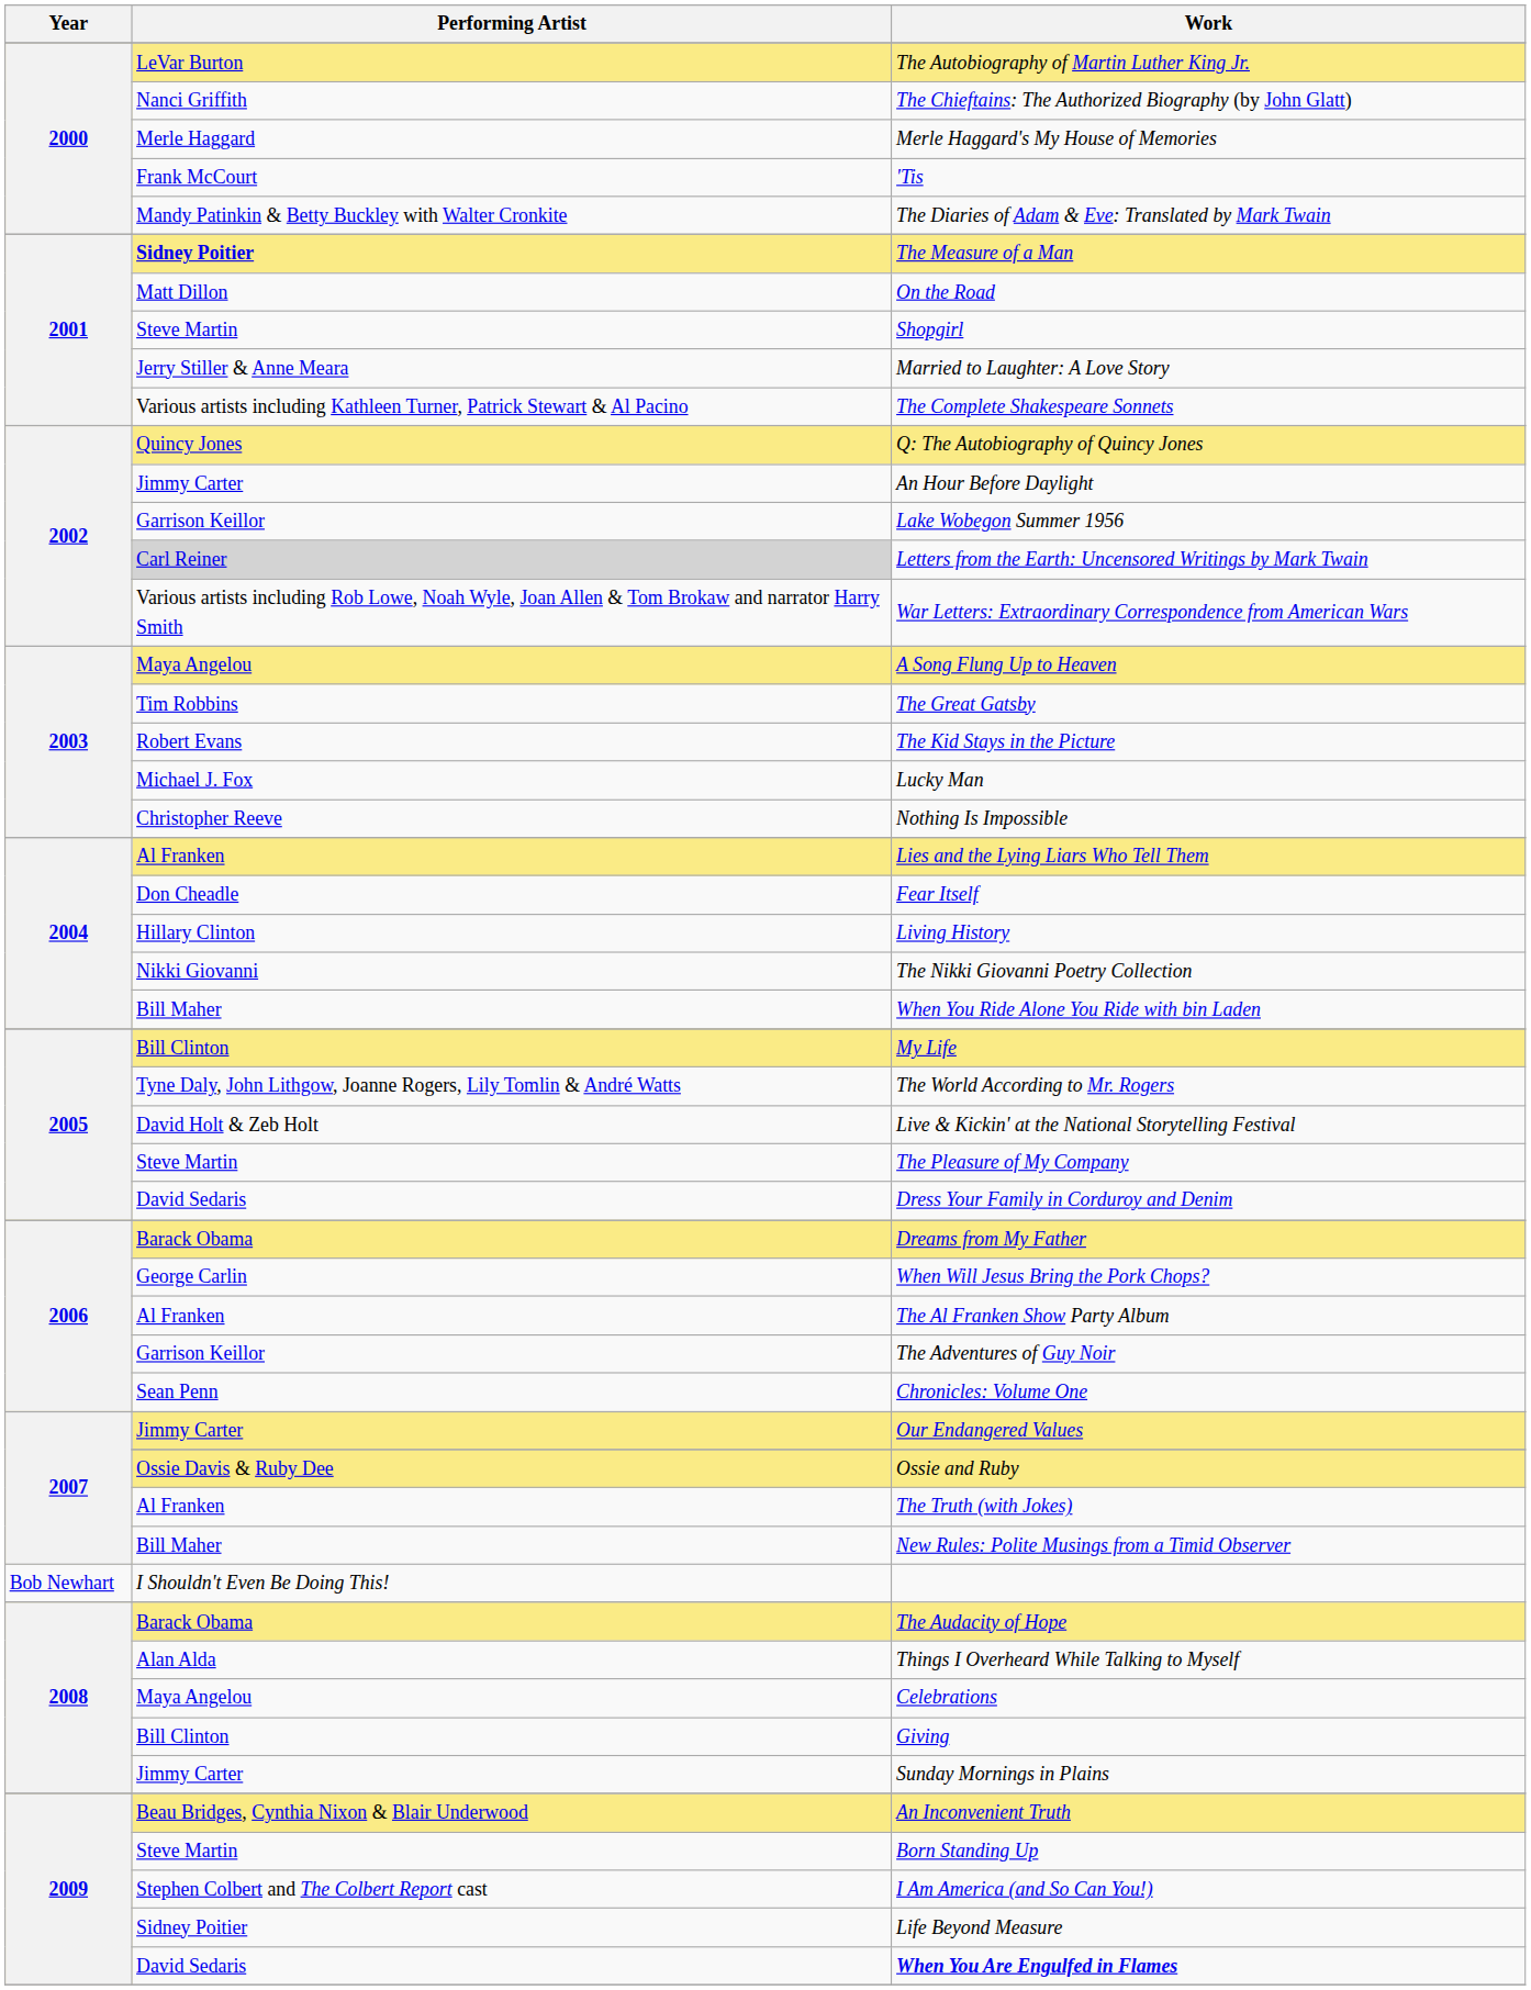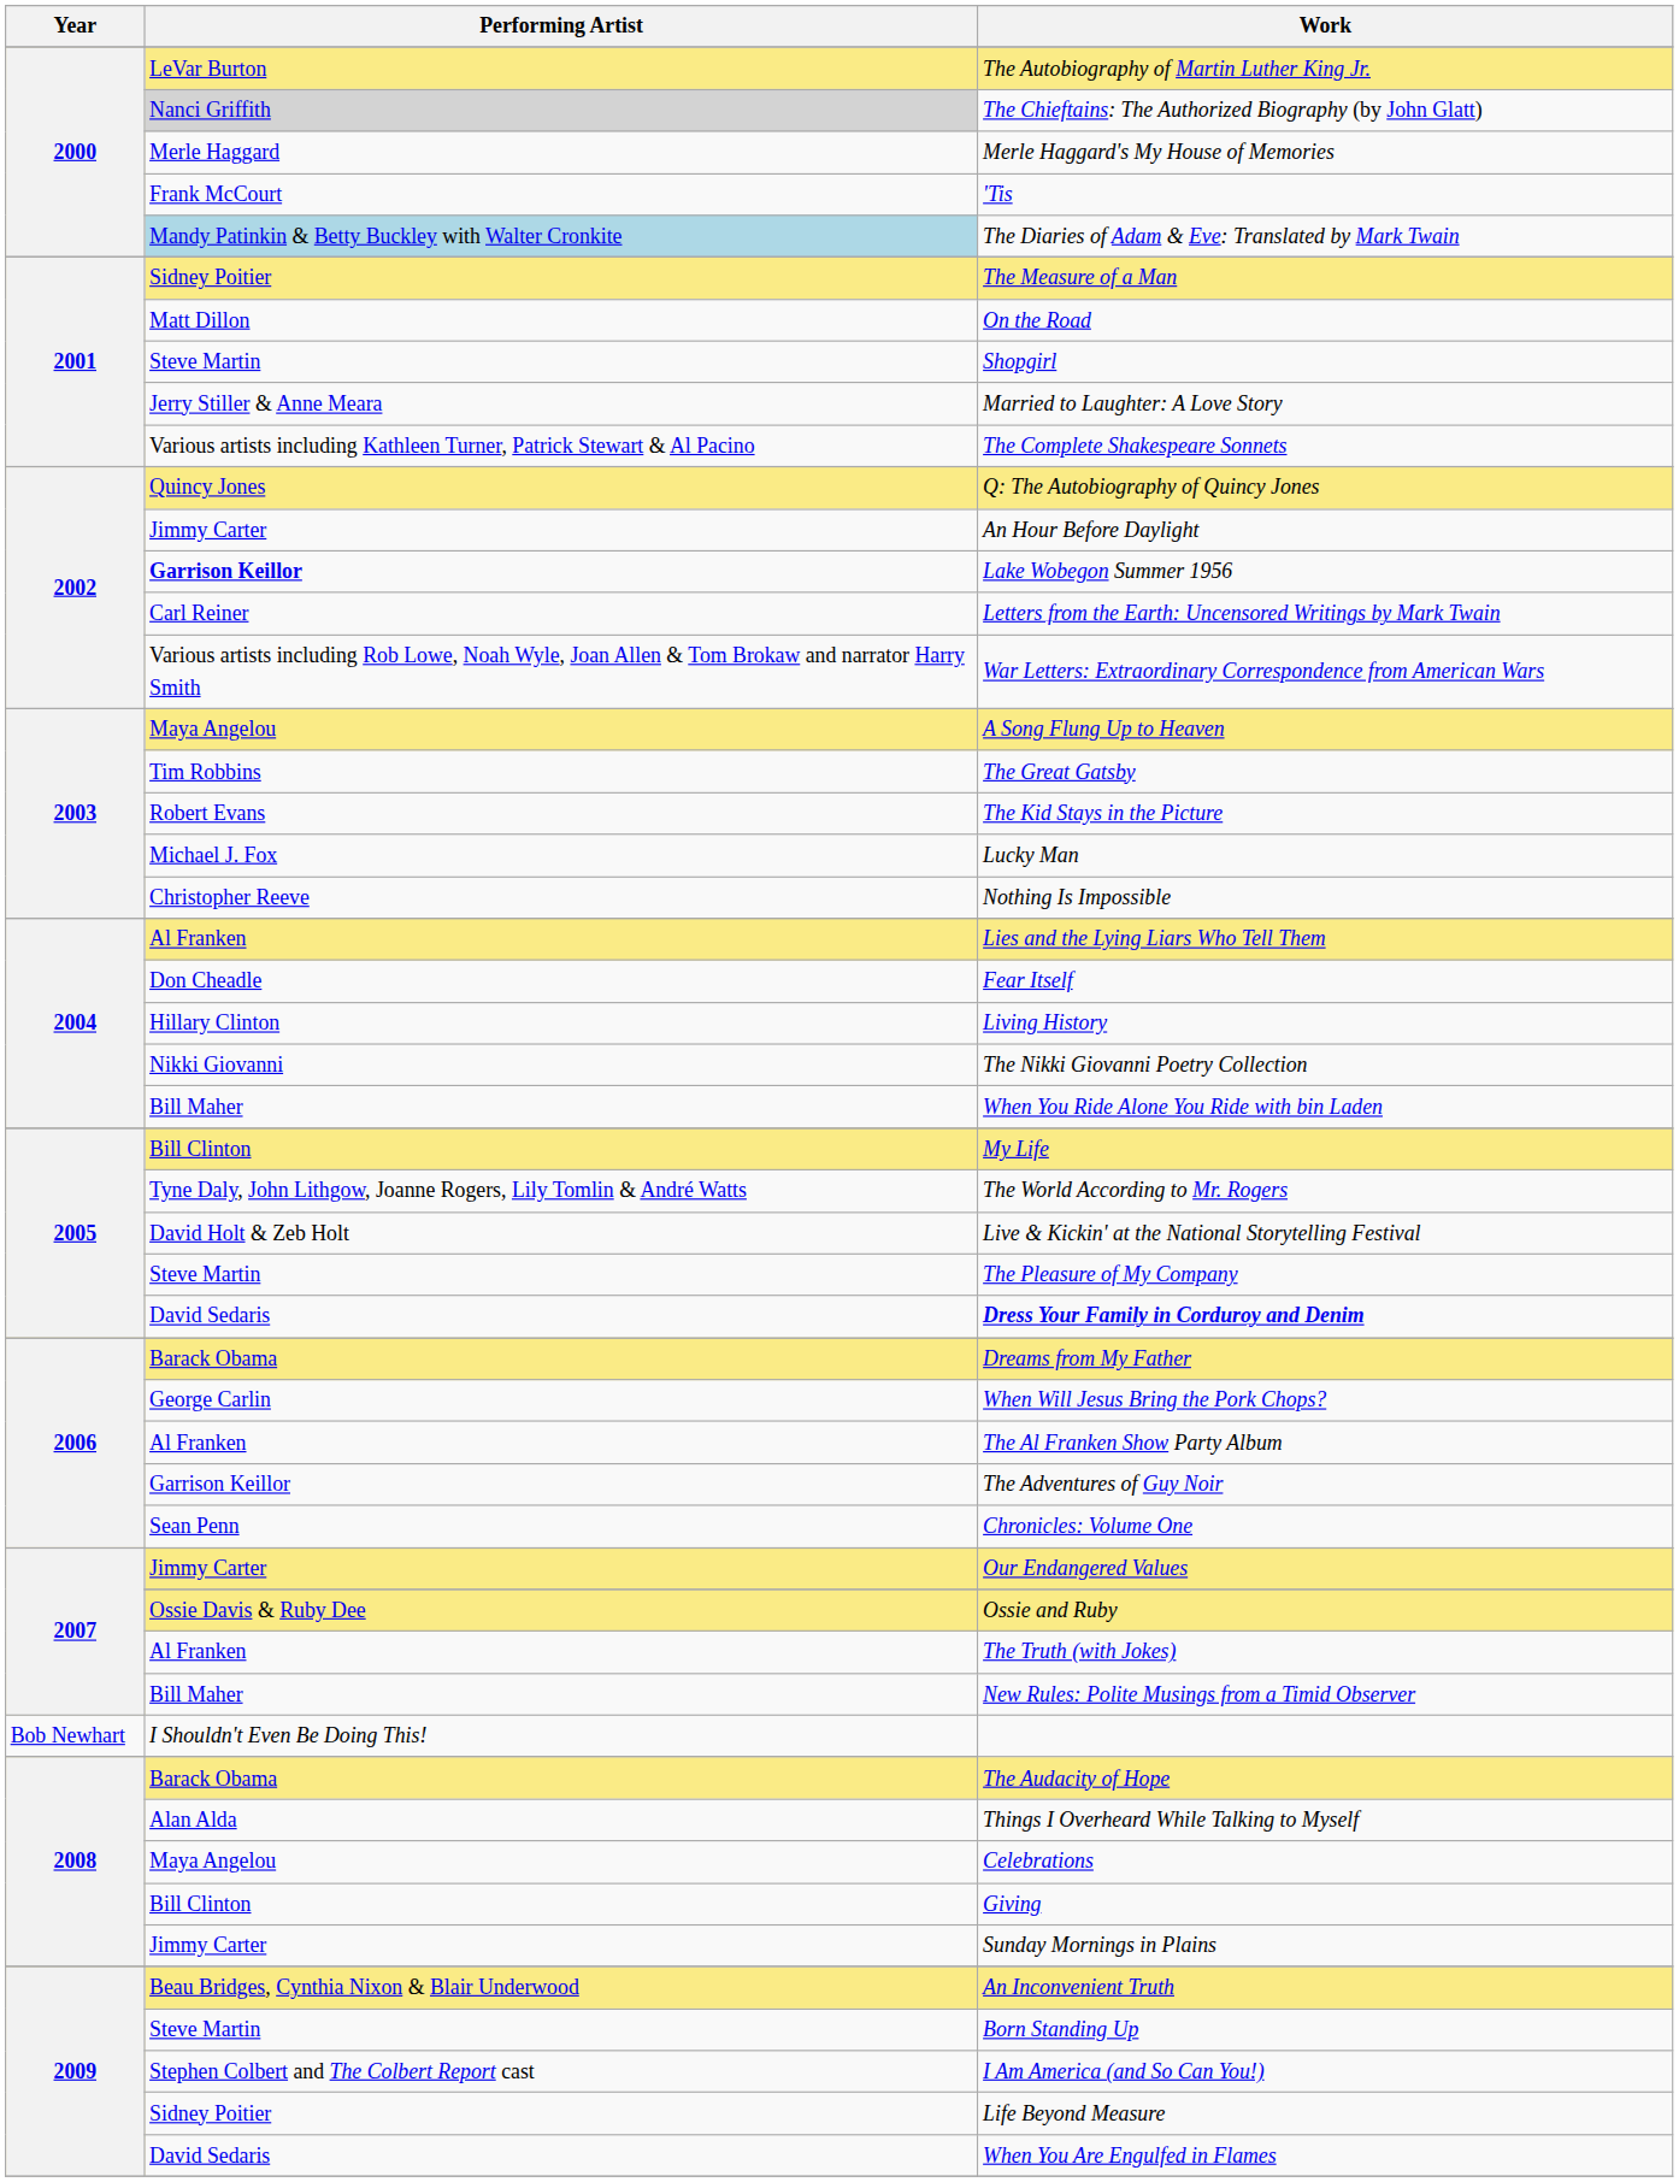 <table class="wikitable" style="font-size:1.00em; line-height:1.5em;">
 <tr bgcolor="#bebebe">
 </tr>
 <tr bgcolor="#bebebe">
 <th width="5%">Year</th>
 <th width="30%">Performing Artist</th>
 <th width="25%">Work</th>
 </tr>
 <tr>
 </tr>
 <tr style="background:#FAEB86;">
 <th rowspan=5, style="text-align:center;"><a href='#'>2000</a> <br></th>
 <td><a href='#'>LeVar Burton</a></td>
 <td><em>The Autobiography of <a href='#'>Martin Luther King Jr.</a></em></td>
 </tr>
 <tr>
-<td><a href='#'>Nanci Griffith</a></td>
+<td style="background: lightgrey;"><a href='#'>Nanci Griffith</a></td>
 <td><em><a href='#'>The Chieftains</a>: The Authorized Biography</em> (by <a href='#'>John Glatt</a>)</td>
 </tr>
 <tr>
 <td><a href='#'>Merle Haggard</a></td>
 <td><em>Merle Haggard's My House of Memories</em></td>
 </tr>
 <tr>
 <td><a href='#'>Frank McCourt</a></td>
 <td><em><a href='#'>'Tis</a></em></td>
 </tr>
 <tr>
-<td><a href='#'>Mandy Patinkin</a> & <a href='#'>Betty Buckley</a> with <a href='#'>Walter Cronkite</a></td>
+<td style="background: lightblue;"><a href='#'>Mandy Patinkin</a> & <a href='#'>Betty Buckley</a> with <a href='#'>Walter Cronkite</a></td>
 <td><em>The Diaries of <a href='#'>Adam</a> & <a href='#'>Eve</a>: Translated by <a href='#'>Mark Twain</a></em></td>
 </tr>
 <tr>
 </tr>
 <tr style="background:#FAEB86;">
 <th rowspan=5, style="text-align:center;"><a href='#'>2001</a> <br></th>
-<td><strong><a href='#'>Sidney Poitier</a></strong></td>
+<td><a href='#'>Sidney Poitier</a></td>
 <td><em><a href='#'>The Measure of a Man</a></em></td>
 </tr>
 <tr>
 <td><a href='#'>Matt Dillon</a></td>
 <td><em><a href='#'>On the Road</a></em></td>
 </tr>
 <tr>
 <td><a href='#'>Steve Martin</a></td>
 <td><em><a href='#'>Shopgirl</a></em></td>
 </tr>
 <tr>
 <td><a href='#'>Jerry Stiller</a> & <a href='#'>Anne Meara</a></td>
 <td><em>Married to Laughter: A Love Story</em></td>
 </tr>
 <tr>
 <td>Various artists including <a href='#'>Kathleen Turner</a>, <a href='#'>Patrick Stewart</a> & <a href='#'>Al Pacino</a></td>
 <td><em><a href='#'>The Complete Shakespeare Sonnets</a></em></td>
 </tr>
 <tr>
 </tr>
 <tr style="background:#FAEB86;">
 <th rowspan=5, style="text-align:center;"><a href='#'>2002</a> <br></th>
 <td><a href='#'>Quincy Jones</a></td>
 <td><em>Q: The Autobiography of Quincy Jones</em></td>
 </tr>
 <tr>
 <td><a href='#'>Jimmy Carter</a></td>
 <td><em>An Hour Before Daylight</em></td>
 </tr>
 <tr>
-<td><a href='#'>Garrison Keillor</a></td>
+<td><strong><a href='#'>Garrison Keillor</a></strong></td>
 <td><em><a href='#'>Lake Wobegon</a> Summer 1956</em></td>
 </tr>
 <tr>
-<td style="background: lightgrey;"><a href='#'>Carl Reiner</a></td>
+<td><a href='#'>Carl Reiner</a></td>
 <td><em><a href='#'>Letters from the Earth: Uncensored Writings by Mark Twain</a></em></td>
 </tr>
 <tr>
 <td>Various artists including <a href='#'>Rob Lowe</a>, <a href='#'>Noah Wyle</a>, <a href='#'>Joan Allen</a> & <a href='#'>Tom Brokaw</a> and narrator <a href='#'>Harry Smith</a></td>
 <td><em><a href='#'>War Letters: Extraordinary Correspondence from American Wars</a></em></td>
 </tr>
 <tr>
 </tr>
 <tr style="background:#FAEB86;">
 <th rowspan=5, style="text-align:center;"><a href='#'>2003</a> <br></th>
 <td><a href='#'>Maya Angelou</a></td>
 <td><em><a href='#'>A Song Flung Up to Heaven</a></em></td>
 </tr>
 <tr>
 <td><a href='#'>Tim Robbins</a></td>
 <td><em><a href='#'>The Great Gatsby</a></em></td>
 </tr>
 <tr>
 <td><a href='#'>Robert Evans</a></td>
 <td><em><a href='#'>The Kid Stays in the Picture</a></em></td>
 </tr>
 <tr>
 <td><a href='#'>Michael J. Fox</a></td>
 <td><em>Lucky Man</em></td>
 </tr>
 <tr>
 <td><a href='#'>Christopher Reeve</a></td>
 <td><em>Nothing Is Impossible</em></td>
 </tr>
 <tr>
 </tr>
 <tr style="background:#FAEB86;">
 <th rowspan=5, style="text-align:center;"><a href='#'>2004</a> <br></th>
 <td><a href='#'>Al Franken</a></td>
 <td><em><a href='#'>Lies and the Lying Liars Who Tell Them</a></em></td>
 </tr>
 <tr>
 <td><a href='#'>Don Cheadle</a></td>
 <td><em><a href='#'>Fear Itself</a></em></td>
 </tr>
 <tr>
 <td><a href='#'>Hillary Clinton</a></td>
 <td><em><a href='#'>Living History</a></em></td>
 </tr>
 <tr>
 <td><a href='#'>Nikki Giovanni</a></td>
 <td><em>The Nikki Giovanni Poetry Collection</em></td>
 </tr>
 <tr>
 <td><a href='#'>Bill Maher</a></td>
 <td><em><a href='#'>When You Ride Alone You Ride with bin Laden</a></em></td>
 </tr>
 <tr>
 </tr>
 <tr style="background:#FAEB86;">
 <th rowspan=5, style="text-align:center;"><a href='#'>2005</a> <br></th>
 <td><a href='#'>Bill Clinton</a></td>
 <td><em><a href='#'>My Life</a></em></td>
 </tr>
 <tr>
 <td><a href='#'>Tyne Daly</a>, <a href='#'>John Lithgow</a>, Joanne Rogers, <a href='#'>Lily Tomlin</a> & <a href='#'>André Watts</a></td>
 <td><em>The World According to <a href='#'>Mr. Rogers</a></em></td>
 </tr>
 <tr>
 <td><a href='#'>David Holt</a> & Zeb Holt</td>
 <td><em>Live & Kickin' at the National Storytelling Festival</em></td>
 </tr>
 <tr>
 <td><a href='#'>Steve Martin</a></td>
 <td><em><a href='#'>The Pleasure of My Company</a></em></td>
 </tr>
 <tr>
 <td><a href='#'>David Sedaris</a></td>
-<td><em><a href='#'>Dress Your Family in Corduroy and Denim</a></em></td>
+<td><strong><em><a href='#'>Dress Your Family in Corduroy and Denim</a></em></strong></td>
 </tr>
 <tr>
 </tr>
 <tr style="background:#FAEB86;">
 <th rowspan=5, style="text-align:center;"><a href='#'>2006</a> <br></th>
 <td><a href='#'>Barack Obama</a></td>
 <td><em><a href='#'>Dreams from My Father</a></em></td>
 </tr>
 <tr>
 <td><a href='#'>George Carlin</a></td>
 <td><em><a href='#'>When Will Jesus Bring the Pork Chops?</a></em></td>
 </tr>
 <tr>
 <td><a href='#'>Al Franken</a></td>
 <td><em><a href='#'>The Al Franken Show</a> Party Album</em></td>
 </tr>
 <tr>
 <td><a href='#'>Garrison Keillor</a></td>
 <td><em>The Adventures of <a href='#'>Guy Noir</a></em></td>
 </tr>
 <tr>
 <td><a href='#'>Sean Penn</a></td>
 <td><em><a href='#'>Chronicles: Volume One</a></em></td>
 </tr>
 <tr>
 </tr>
 <tr style="background:#FAEB86;">
 <th rowspan="5", style="text-align:center;"><a href='#'>2007</a> <br></th>
 <td><a href='#'>Jimmy Carter</a></td>
 <td><em><a href='#'>Our Endangered Values</a></em></td>
 </tr>
 <tr>
 </tr>
 <tr style="background:#FAEB86;">
 <td><a href='#'>Ossie Davis</a> & <a href='#'>Ruby Dee</a></td>
 <td><em>Ossie and Ruby</em></td>
 </tr>
 <tr>
 <td><a href='#'>Al Franken</a></td>
 <td><em><a href='#'>The Truth (with Jokes)</a></em></td>
 </tr>
 <tr>
 <td><a href='#'>Bill Maher</a></td>
 <td><em><a href='#'>New Rules: Polite Musings from a Timid Observer</a></em></td>
 </tr>
 <tr>
 <td><a href='#'>Bob Newhart</a></td>
 <td><em>I Shouldn't Even Be Doing This!</em></td>
 </tr>
 <tr>
 </tr>
 <tr style="background:#FAEB86;">
 <th rowspan=5, style="text-align:center;"><a href='#'>2008</a> <br></th>
 <td><a href='#'>Barack Obama</a></td>
 <td><em><a href='#'>The Audacity of Hope</a></em></td>
 </tr>
 <tr>
 <td><a href='#'>Alan Alda</a></td>
 <td><em>Things I Overheard While Talking to Myself</em></td>
 </tr>
 <tr>
 <td><a href='#'>Maya Angelou</a></td>
 <td><em><a href='#'>Celebrations</a></em></td>
 </tr>
 <tr>
 <td><a href='#'>Bill Clinton</a></td>
 <td><em><a href='#'>Giving</a></em></td>
 </tr>
 <tr>
 <td><a href='#'>Jimmy Carter</a></td>
 <td><em>Sunday Mornings in Plains</em></td>
 </tr>
 <tr>
 </tr>
 <tr style="background:#FAEB86;">
 <th rowspan=5, style="text-align:center;"><a href='#'>2009</a> <br></th>
 <td><a href='#'>Beau Bridges</a>, <a href='#'>Cynthia Nixon</a> & <a href='#'>Blair Underwood</a></td>
 <td><em><a href='#'>An Inconvenient Truth</a></em></td>
 </tr>
 <tr>
 <td><a href='#'>Steve Martin</a></td>
 <td><em><a href='#'>Born Standing Up</a></em></td>
 </tr>
 <tr>
 <td><a href='#'>Stephen Colbert</a> and <em><a href='#'>The Colbert Report</a></em> cast</td>
 <td><em><a href='#'>I Am America (and So Can You!)</a></em></td>
 </tr>
 <tr>
 <td><a href='#'>Sidney Poitier</a></td>
 <td><em>Life Beyond Measure</em></td>
 </tr>
 <tr>
 <td><a href='#'>David Sedaris</a></td>
-<td><strong><em><a href='#'>When You Are Engulfed in Flames</a></em></strong></td>
+<td><em><a href='#'>When You Are Engulfed in Flames</a></em></td>
 </tr>
 <tr>
 </tr>
 </table>
